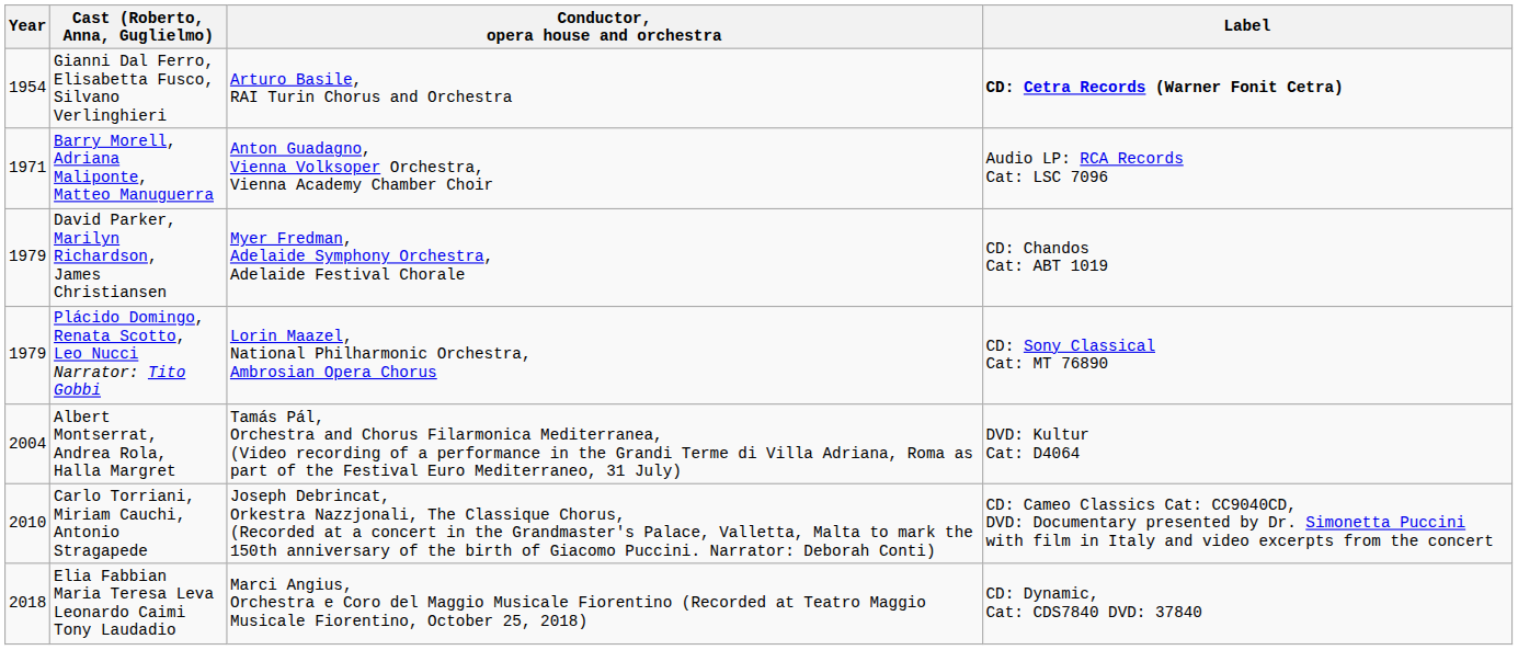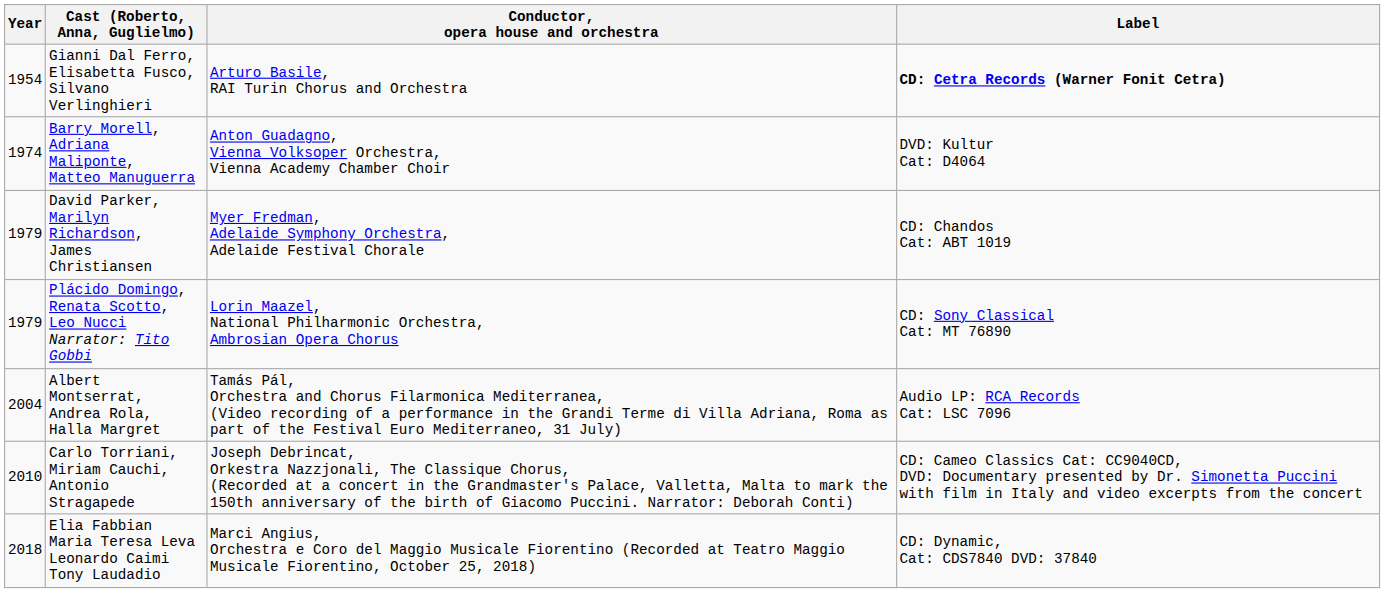 <table class="wikitable">
 <tr>
 <th>Year</th>
 <th width="140">Cast (Roberto, Anna, Guglielmo)</th>
 <th>Conductor,<br>opera house and orchestra</th>
 <th>Label</th>
 </tr>
 <tr>
 <td>1954</td>
 <td>Gianni Dal Ferro,<br>Elisabetta Fusco,<br>Silvano Verlinghieri</td>
 <td><a href='#'>Arturo Basile</a>,<br> RAI Turin Chorus and Orchestra</td>
 <td><strong>CD: <a href='#'>Cetra Records</a> (Warner Fonit Cetra)</strong></td>
 </tr>
 <tr>
-<td>1971</td>
+<td>1974</td>
 <td><a href='#'>Barry Morell</a>,<br><a href='#'>Adriana Maliponte</a>,<br> <a href='#'>Matteo Manuguerra</a></td>
 <td><a href='#'>Anton Guadagno</a>,<br> <a href='#'>Vienna Volksoper</a> Orchestra,<br>Vienna Academy Chamber Choir</td>
-<td>Audio LP: <a href='#'>RCA Records</a><br>Cat: LSC 7096</td>
+<td>DVD: Kultur <br>Cat: D4064</td>
 </tr>
 <tr>
 <td>1979</td>
 <td>David Parker,<br><a href='#'>Marilyn Richardson</a>,<br> James Christiansen</td>
 <td><a href='#'>Myer Fredman</a>,<br> <a href='#'>Adelaide Symphony Orchestra</a>,<br>Adelaide Festival Chorale</td>
 <td>CD: Chandos<br>Cat: ABT 1019</td>
 </tr>
 <tr>
 <td>1979</td>
 <td><a href='#'>Plácido Domingo</a>,<br><a href='#'>Renata Scotto</a>,<br> <a href='#'>Leo Nucci</a><br><em>Narrator: <a href='#'>Tito Gobbi</a></em></td>
 <td><a href='#'>Lorin Maazel</a>,<br> National Philharmonic Orchestra,<br><a href='#'>Ambrosian Opera Chorus</a></td>
 <td>CD: <a href='#'>Sony Classical</a><br>Cat: MT 76890</td>
 </tr>
 <tr>
 <td>2004</td>
 <td>Albert Montserrat,<br>Andrea Rola,<br>Halla Margret</td>
 <td>Tamás Pál,<br>Orchestra and Chorus Filarmonica Mediterranea,<br>(Video recording of a performance in the Grandi Terme di Villa Adriana, Roma as part of the Festival Euro Mediterraneo, 31 July)</td>
-<td>DVD: Kultur <br>Cat: D4064</td>
+<td>Audio LP: <a href='#'>RCA Records</a><br>Cat: LSC 7096</td>
 </tr>
 <tr>
 <td>2010</td>
 <td>Carlo Torriani,<br>Miriam Cauchi,<br>Antonio Stragapede</td>
 <td>Joseph Debrincat,<br>Orkestra Nazzjonali, The Classique Chorus,<br>(Recorded at a concert in the Grandmaster's Palace, Valletta, Malta to mark the 150th anniversary of the birth of Giacomo Puccini. Narrator: Deborah Conti)</td>
 <td>CD: Cameo Classics Cat: CC9040CD,<br>DVD: Documentary presented by Dr. <a href='#'>Simonetta Puccini</a> with film in Italy and video excerpts from the concert</td>
 </tr>
 <tr>
 <td>2018</td>
 <td>Elia Fabbian<br>Maria Teresa Leva Leonardo Caimi Tony Laudadio</td>
 <td>Marci Angius,<br>Orchestra e Coro del Maggio Musicale Fiorentino (Recorded at Teatro Maggio Musicale Fiorentino, October 25, 2018)</td>
 <td>CD: Dynamic,<br>Cat: CDS7840 DVD: 37840</td>
 </tr>
 </table>
